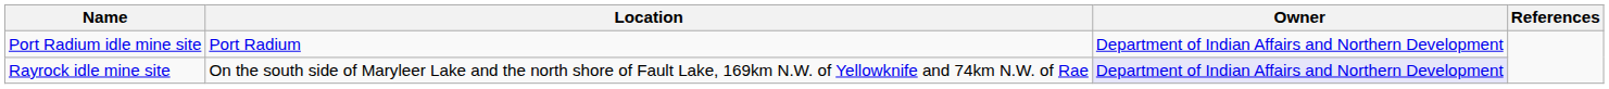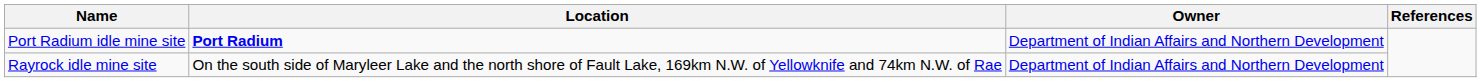 <table class="wikitable">
 <tr>
 <th>Name</th>
 <th>Location</th>
 <th>Owner</th>
 <th>References</th>
 </tr>
 <tr>
 <td><a href='#'>Port Radium idle mine site</a></td>
-<td><a href='#'>Port Radium</a></td>
+<td><strong><a href='#'>Port Radium</a></strong></td>
 <td><a href='#'>Department of Indian Affairs and Northern Development</a></td>
 <td rowspan="2"></td>
 </tr>
 <tr>
 <td><a href='#'>Rayrock idle mine site</a></td>
 <td>On the south side of Maryleer Lake and the north shore of Fault Lake, 169km N.W. of <a href='#'>Yellowknife</a> and 74km N.W. of <a href='#'>Rae</a></td>
-<td style="background: lavender;"><a href='#'>Department of Indian Affairs and Northern Development</a></td>
+<td><a href='#'>Department of Indian Affairs and Northern Development</a></td>
 </tr>
 </table>
